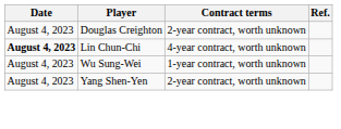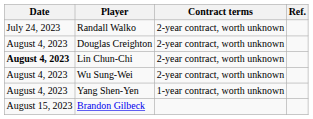 <table class="wikitable">
 <tr>
 <th>Date</th>
 <th>Player</th>
 <th>Contract terms</th>
 <th>Ref.</th>
+</tr>
+<tr>
+<td>July 24, 2023</td>
+<td>Randall Walko</td>
+<td>2-year contract, worth unknown</td>
+<td></td>
 </tr>
 <tr>
 <td>August 4, 2023</td>
 <td>Douglas Creighton</td>
 <td>2-year contract, worth unknown</td>
 <td></td>
 </tr>
 <tr>
 <td><strong>August 4, 2023</strong></td>
 <td>Lin Chun-Chi</td>
-<td>4-year contract, worth unknown</td>
+<td>2-year contract, worth unknown</td>
 <td></td>
 </tr>
 <tr>
 <td>August 4, 2023</td>
 <td>Wu Sung-Wei</td>
-<td>1-year contract, worth unknown</td>
+<td>2-year contract, worth unknown</td>
 <td></td>
 </tr>
 <tr>
 <td>August 4, 2023</td>
 <td>Yang Shen-Yen</td>
-<td>2-year contract, worth unknown</td>
+<td>1-year contract, worth unknown</td>
+<td></td>
+</tr>
+<tr>
+<td>August 15, 2023</td>
+<td><a href='#'>Brandon Gilbeck</a></td>
+<td></td>
 <td></td>
 </tr>
 </table>
